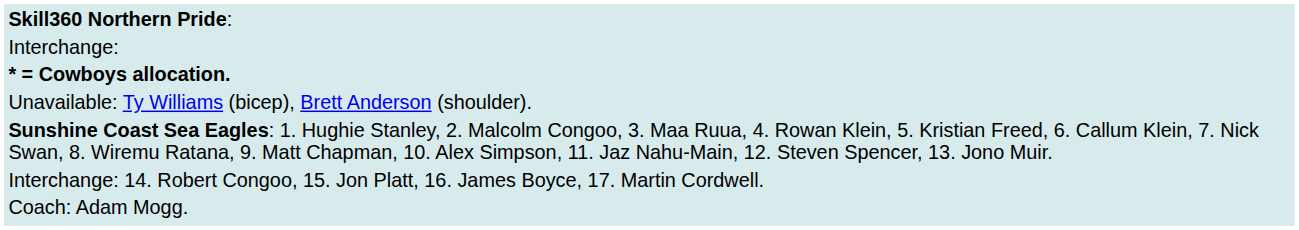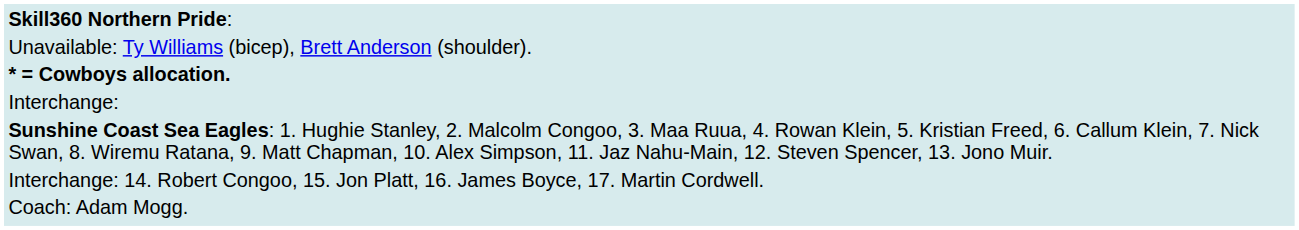 <table style="background:#d7ebed; font-size:85%; width:100%;">
 <tr>
 <td><strong>Skill360 Northern Pride</strong>:             </td>
 </tr>
 <tr>
-<td>Interchange:    </td>
+<td>Unavailable: <a href='#'>Ty Williams</a> (bicep), <a href='#'>Brett Anderson</a> (shoulder).</td>
 </tr>
 <tr>
 <td><strong>* = Cowboys allocation.</strong></td>
 </tr>
 <tr>
-<td>Unavailable: <a href='#'>Ty Williams</a> (bicep), <a href='#'>Brett Anderson</a> (shoulder).</td>
+<td>Interchange:    </td>
 </tr>
 <tr>
 <td><strong>Sunshine Coast Sea Eagles</strong>: 1. Hughie Stanley, 2. Malcolm Congoo, 3. Maa Ruua, 4. Rowan Klein, 5. Kristian Freed, 6. Callum Klein, 7. Nick Swan, 8. Wiremu Ratana, 9. Matt Chapman, 10. Alex Simpson, 11. Jaz Nahu-Main, 12. Steven Spencer, 13. Jono Muir.</td>
 </tr>
 <tr>
 <td>Interchange: 14. Robert Congoo, 15. Jon Platt, 16. James Boyce, 17. Martin Cordwell.</td>
 </tr>
 <tr>
 <td>Coach: Adam Mogg.</td>
 </tr>
 <tr>
 </tr>
 </table>
